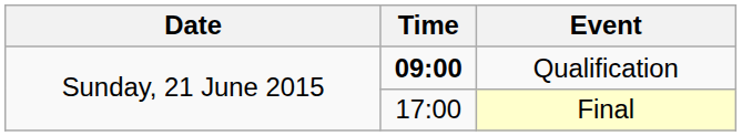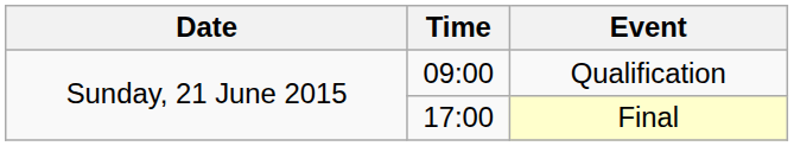 <table class = "wikitable" style="text-align:center;">
 <tr>
 <th width=220>Date</th>
 <th width=50>Time</th>
 <th width=150>Event</th>
 </tr>
 <tr>
 <td rowspan=2>Sunday, 21 June 2015</td>
-<td><strong>09:00</strong></td>
+<td>09:00</td>
 <td>Qualification</td>
 </tr>
 <tr>
 <td>17:00</td>
 <td bgcolor=ffffcc>Final</td>
 </tr>
 </table>
